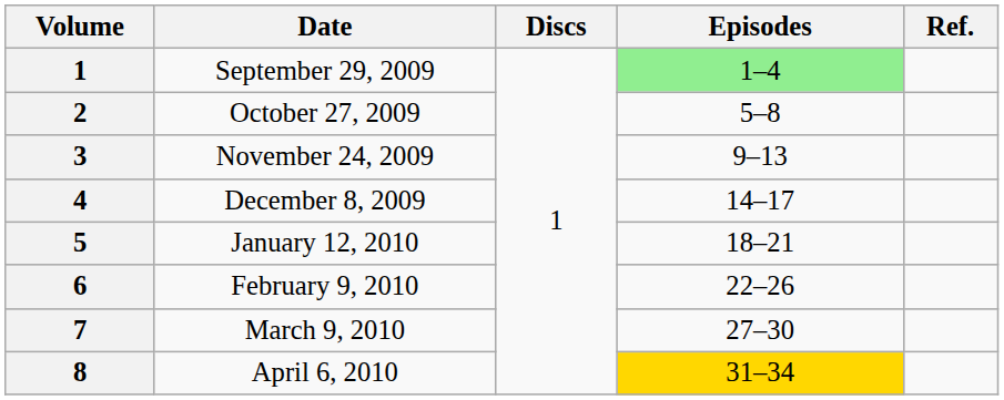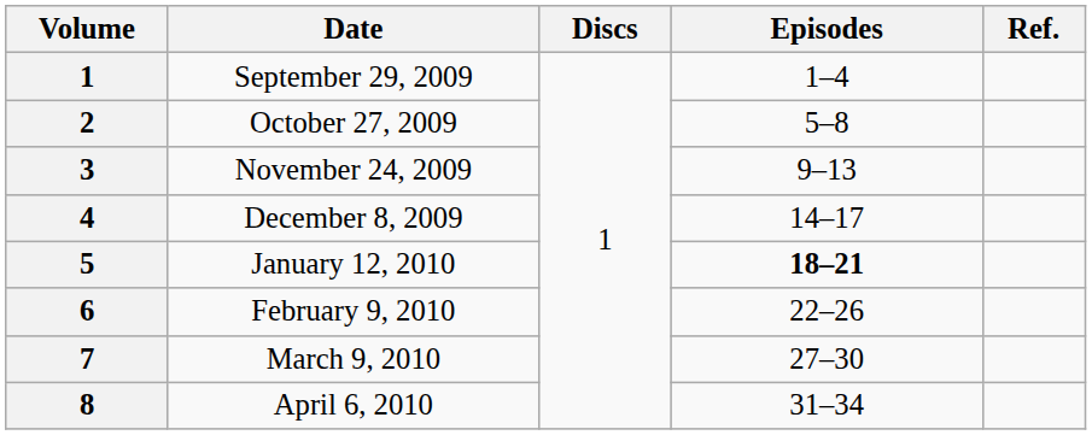 <table class="wikitable" style="text-align:center;">
 <tr>
 <th scope="col" style="width:5em;">Volume</th>
 <th scope="col" style="width:12em;">Date</th>
 <th scope="col" style="width:4em;">Discs</th>
 <th scope="col" style="width:10em;">Episodes</th>
 <th scope="col" style="width:3em;">Ref.</th>
 </tr>
 <tr>
 <th scope="row">1</th>
 <td>September 29, 2009</td>
 <td rowspan="8">1</td>
-<td style="background: lightgreen;">1–4</td>
+<td>1–4</td>
 <td></td>
 </tr>
 <tr>
 <th scope="row">2</th>
 <td>October 27, 2009</td>
 <td>5–8</td>
 <td></td>
 </tr>
 <tr>
 <th scope="row">3</th>
 <td>November 24, 2009</td>
 <td>9–13</td>
 <td></td>
 </tr>
 <tr>
 <th scope="row">4</th>
 <td>December 8, 2009</td>
 <td>14–17</td>
 <td></td>
 </tr>
 <tr>
 <th scope="row">5</th>
 <td>January 12, 2010</td>
-<td>18–21</td>
+<td><strong>18–21</strong></td>
 <td></td>
 </tr>
 <tr>
 <th scope="row">6</th>
 <td>February 9, 2010</td>
 <td>22–26</td>
 <td></td>
 </tr>
 <tr>
 <th scope="row">7</th>
 <td>March 9, 2010</td>
 <td>27–30</td>
 <td></td>
 </tr>
 <tr>
 <th scope="row">8</th>
 <td>April 6, 2010</td>
-<td style="background: gold;">31–34</td>
+<td>31–34</td>
 <td></td>
 </tr>
 </table>
